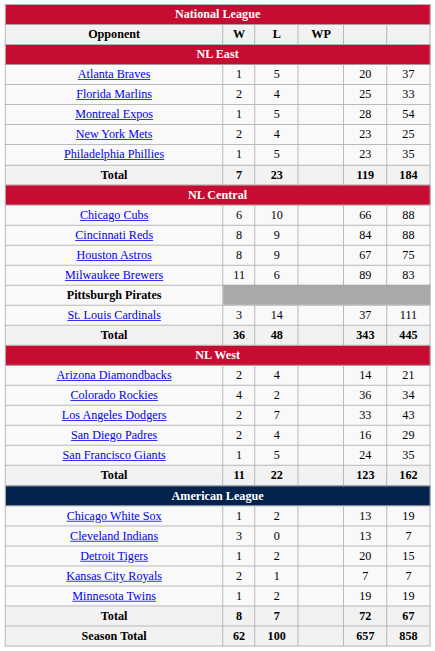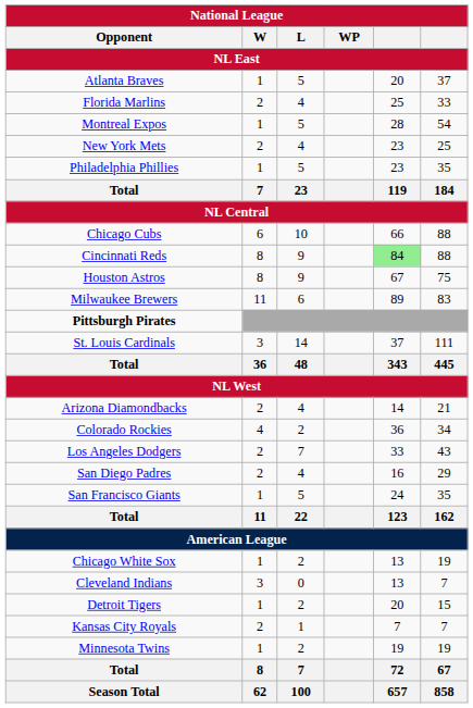 <table class="wikitable" style="font-size:95%; text-align:center; width:35em;margin: 0.5em auto;">
 <tr>
 <th colspan="7" style="background:#c60c30; color:#ffffff;">National League</th>
 </tr>
 <tr>
 <th>Opponent</th>
 <th>W</th>
 <th>L</th>
 <th>WP</th>
 <th></th>
 <th></th>
 </tr>
 <tr>
 <th colspan="7" style="background:#c60c30; color:#ffffff;">NL East</th>
 </tr>
 <tr>
 <td><a href='#'>Atlanta Braves</a></td>
 <td>1</td>
 <td>5</td>
 <td></td>
 <td>20</td>
 <td>37</td>
 </tr>
 <tr>
 <td><a href='#'>Florida Marlins</a></td>
 <td>2</td>
 <td>4</td>
 <td></td>
 <td>25</td>
 <td>33</td>
 </tr>
 <tr>
 <td><a href='#'>Montreal Expos</a></td>
 <td>1</td>
 <td>5</td>
 <td></td>
 <td>28</td>
 <td>54</td>
 </tr>
 <tr>
 <td><a href='#'>New York Mets</a></td>
 <td>2</td>
 <td>4</td>
 <td></td>
 <td>23</td>
 <td>25</td>
 </tr>
 <tr>
 <td><a href='#'>Philadelphia Phillies</a></td>
 <td>1</td>
 <td>5</td>
 <td></td>
 <td>23</td>
 <td>35</td>
 </tr>
 <tr>
 <th>Total</th>
 <th>7</th>
 <th>23</th>
 <th></th>
 <th>119</th>
 <th>184</th>
 </tr>
 <tr>
 <th colspan="7" style="background:#c60c30; color:#ffffff;">NL Central</th>
 </tr>
 <tr>
 <td><a href='#'>Chicago Cubs</a></td>
 <td>6</td>
 <td>10</td>
 <td></td>
 <td>66</td>
 <td>88</td>
 </tr>
 <tr>
 <td><a href='#'>Cincinnati Reds</a></td>
 <td>8</td>
 <td>9</td>
 <td></td>
-<td>84</td>
+<td style="background: lightgreen;">84</td>
 <td>88</td>
 </tr>
 <tr>
 <td><a href='#'>Houston Astros</a></td>
 <td>8</td>
 <td>9</td>
 <td></td>
 <td>67</td>
 <td>75</td>
 </tr>
 <tr>
 <td><a href='#'>Milwaukee Brewers</a></td>
 <td>11</td>
 <td>6</td>
 <td></td>
 <td>89</td>
 <td>83</td>
 </tr>
 <tr>
 <td><strong>Pittsburgh Pirates</strong></td>
 <td colspan=5 style="background:darkgray;"></td>
 </tr>
 <tr>
 <td><a href='#'>St. Louis Cardinals</a></td>
 <td>3</td>
 <td>14</td>
 <td></td>
 <td>37</td>
 <td>111</td>
 </tr>
 <tr>
 <th>Total</th>
 <th>36</th>
 <th>48</th>
 <th></th>
 <th>343</th>
 <th>445</th>
 </tr>
 <tr>
 <th colspan="7" style="background:#c60c30; color:#ffffff;">NL West</th>
 </tr>
 <tr>
 <td><a href='#'>Arizona Diamondbacks</a></td>
 <td>2</td>
 <td>4</td>
 <td></td>
 <td>14</td>
 <td>21</td>
 </tr>
 <tr>
 <td><a href='#'>Colorado Rockies</a></td>
 <td>4</td>
 <td>2</td>
 <td></td>
 <td>36</td>
 <td>34</td>
 </tr>
 <tr>
 <td><a href='#'>Los Angeles Dodgers</a></td>
 <td>2</td>
 <td>7</td>
 <td></td>
 <td>33</td>
 <td>43</td>
 </tr>
 <tr>
 <td><a href='#'>San Diego Padres</a></td>
 <td>2</td>
 <td>4</td>
 <td></td>
 <td>16</td>
 <td>29</td>
 </tr>
 <tr>
 <td><a href='#'>San Francisco Giants</a></td>
 <td>1</td>
 <td>5</td>
 <td></td>
 <td>24</td>
 <td>35</td>
 </tr>
 <tr>
 <th>Total</th>
 <th>11</th>
 <th>22</th>
 <th></th>
 <th>123</th>
 <th>162</th>
 </tr>
 <tr>
 <th colspan="7" style="background:#03224c; color:#ffffff;">American League</th>
 </tr>
 <tr>
 <td><a href='#'>Chicago White Sox</a></td>
 <td>1</td>
 <td>2</td>
 <td></td>
 <td>13</td>
 <td>19</td>
 </tr>
 <tr>
 <td><a href='#'>Cleveland Indians</a></td>
 <td>3</td>
 <td>0</td>
 <td></td>
 <td>13</td>
 <td>7</td>
 </tr>
 <tr>
 <td><a href='#'>Detroit Tigers</a></td>
 <td>1</td>
 <td>2</td>
 <td></td>
 <td>20</td>
 <td>15</td>
 </tr>
 <tr>
 <td><a href='#'>Kansas City Royals</a></td>
 <td>2</td>
 <td>1</td>
 <td></td>
 <td>7</td>
 <td>7</td>
 </tr>
 <tr>
 <td><a href='#'>Minnesota Twins</a></td>
 <td>1</td>
 <td>2</td>
 <td></td>
 <td>19</td>
 <td>19</td>
 </tr>
 <tr>
 <th>Total</th>
 <th>8</th>
 <th>7</th>
 <th></th>
 <th>72</th>
 <th>67</th>
 </tr>
 <tr>
 <th>Season Total</th>
 <th>62</th>
 <th>100</th>
 <th></th>
 <th>657</th>
 <th>858</th>
 </tr>
 </table>
